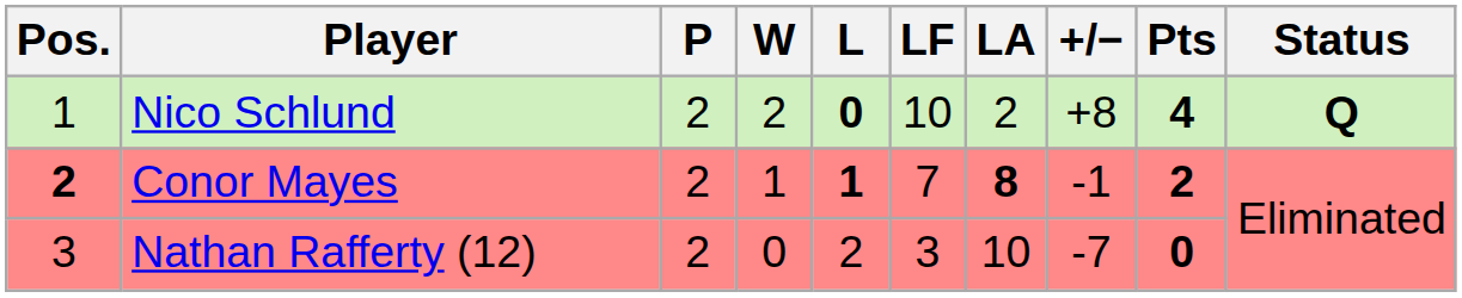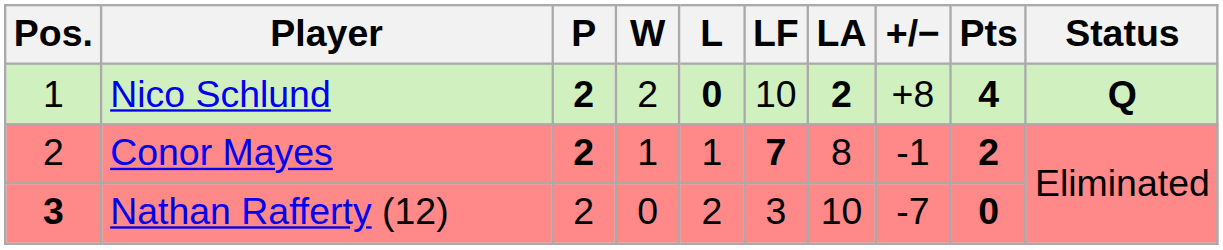 <table class="wikitable" style="text-align:center; margin: 1em auto 1em auto, align:left">
 <tr>
 <th width=20>Pos.</th>
 <th width=185>Player</th>
 <th width=20>P</th>
 <th width=20>W</th>
 <th width=20>L</th>
 <th width=20>LF</th>
 <th width=20>LA</th>
 <th width=25>+/−</th>
 <th width=20>Pts</th>
 <th width=70>Status</th>
 </tr>
 <tr style="background:#D0F0C0;">
 <td>1</td>
 <td align=left> <a href='#'>Nico Schlund</a></td>
-<td>2</td>
+<td><strong>2</strong></td>
 <td>2</td>
 <td><strong>0</strong></td>
 <td>10</td>
-<td>2</td>
+<td><strong>2</strong></td>
 <td>+8</td>
 <td><strong>4</strong></td>
 <td rowspan=1><strong>Q</strong></td>
 </tr>
 <tr style="background:#FF8888;">
+<td>2</td>
+<td align=left> <a href='#'>Conor Mayes</a></td>
 <td><strong>2</strong></td>
-<td align=left> <a href='#'>Conor Mayes</a></td>
-<td>2</td>
 <td>1</td>
-<td><strong>1</strong></td>
-<td>7</td>
-<td><strong>8</strong></td>
+<td>1</td>
+<td><strong>7</strong></td>
+<td>8</td>
 <td>-1</td>
 <td><strong>2</strong></td>
 <td rowspan=2>Eliminated</td>
 </tr>
 <tr style="background:#FF8888;">
-<td>3</td>
+<td><strong>3</strong></td>
 <td align=left> <a href='#'>Nathan Rafferty</a> (12)</td>
 <td>2</td>
 <td>0</td>
 <td>2</td>
 <td>3</td>
 <td>10</td>
 <td>-7</td>
 <td><strong>0</strong></td>
 </tr>
 </table>
